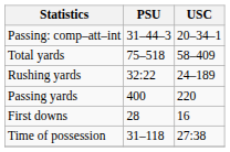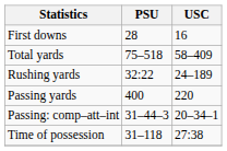 <table class="wikitable" style="float: left;">
 <tr>
 <th>Statistics</th>
 <th>PSU</th>
 <th>USC</th>
 </tr>
 <tr>
-<td>Passing: comp–att–int</td>
-<td>31–44–3</td>
-<td>20–34–1</td>
+<td>First downs</td>
+<td>28</td>
+<td>16</td>
 </tr>
 <tr>
 <td>Total yards</td>
 <td>75–518</td>
 <td>58–409</td>
 </tr>
 <tr>
 <td>Rushing yards</td>
 <td>32:22</td>
 <td>24–189</td>
 </tr>
 <tr>
 <td>Passing yards</td>
 <td>400</td>
 <td>220</td>
 </tr>
 <tr>
-<td>First downs</td>
-<td>28</td>
-<td>16</td>
+<td>Passing: comp–att–int</td>
+<td>31–44–3</td>
+<td>20–34–1</td>
 </tr>
 <tr>
 <td>Time of possession</td>
 <td>31–118</td>
 <td>27:38</td>
 </tr>
 <tr>
 </tr>
 </table>
